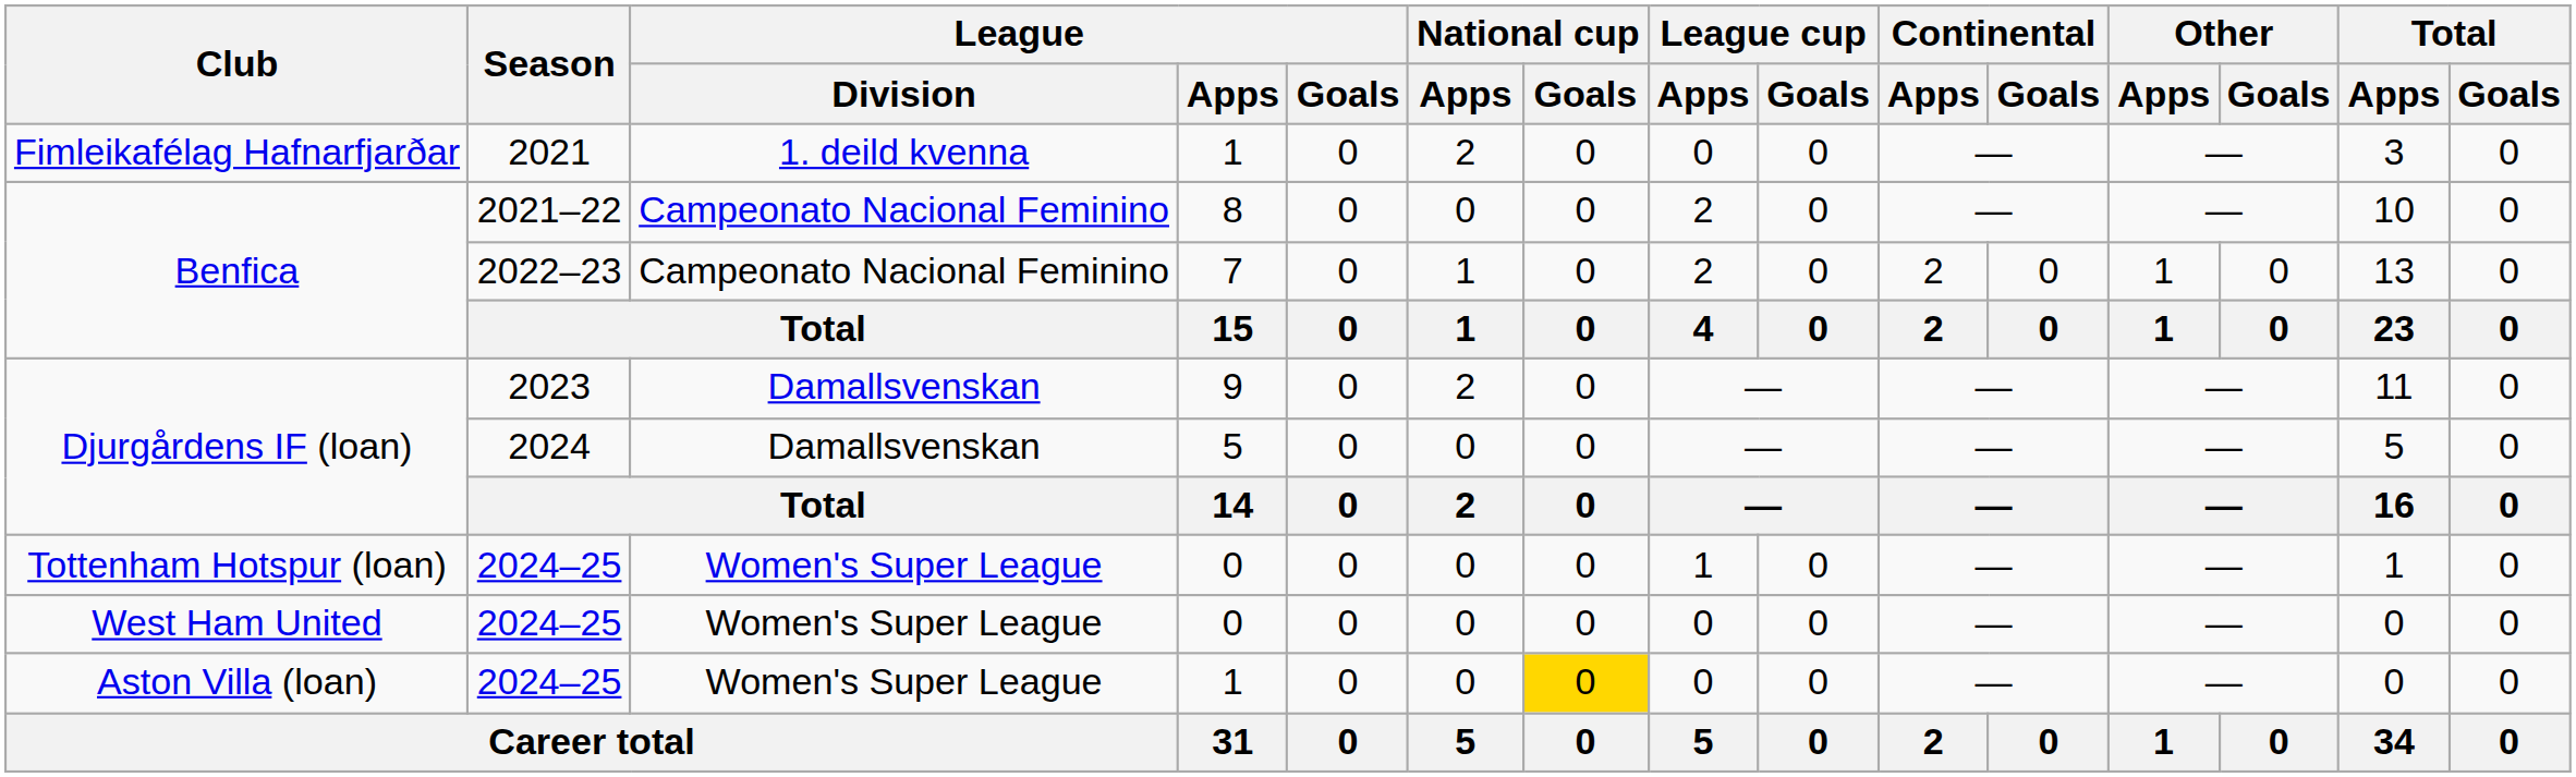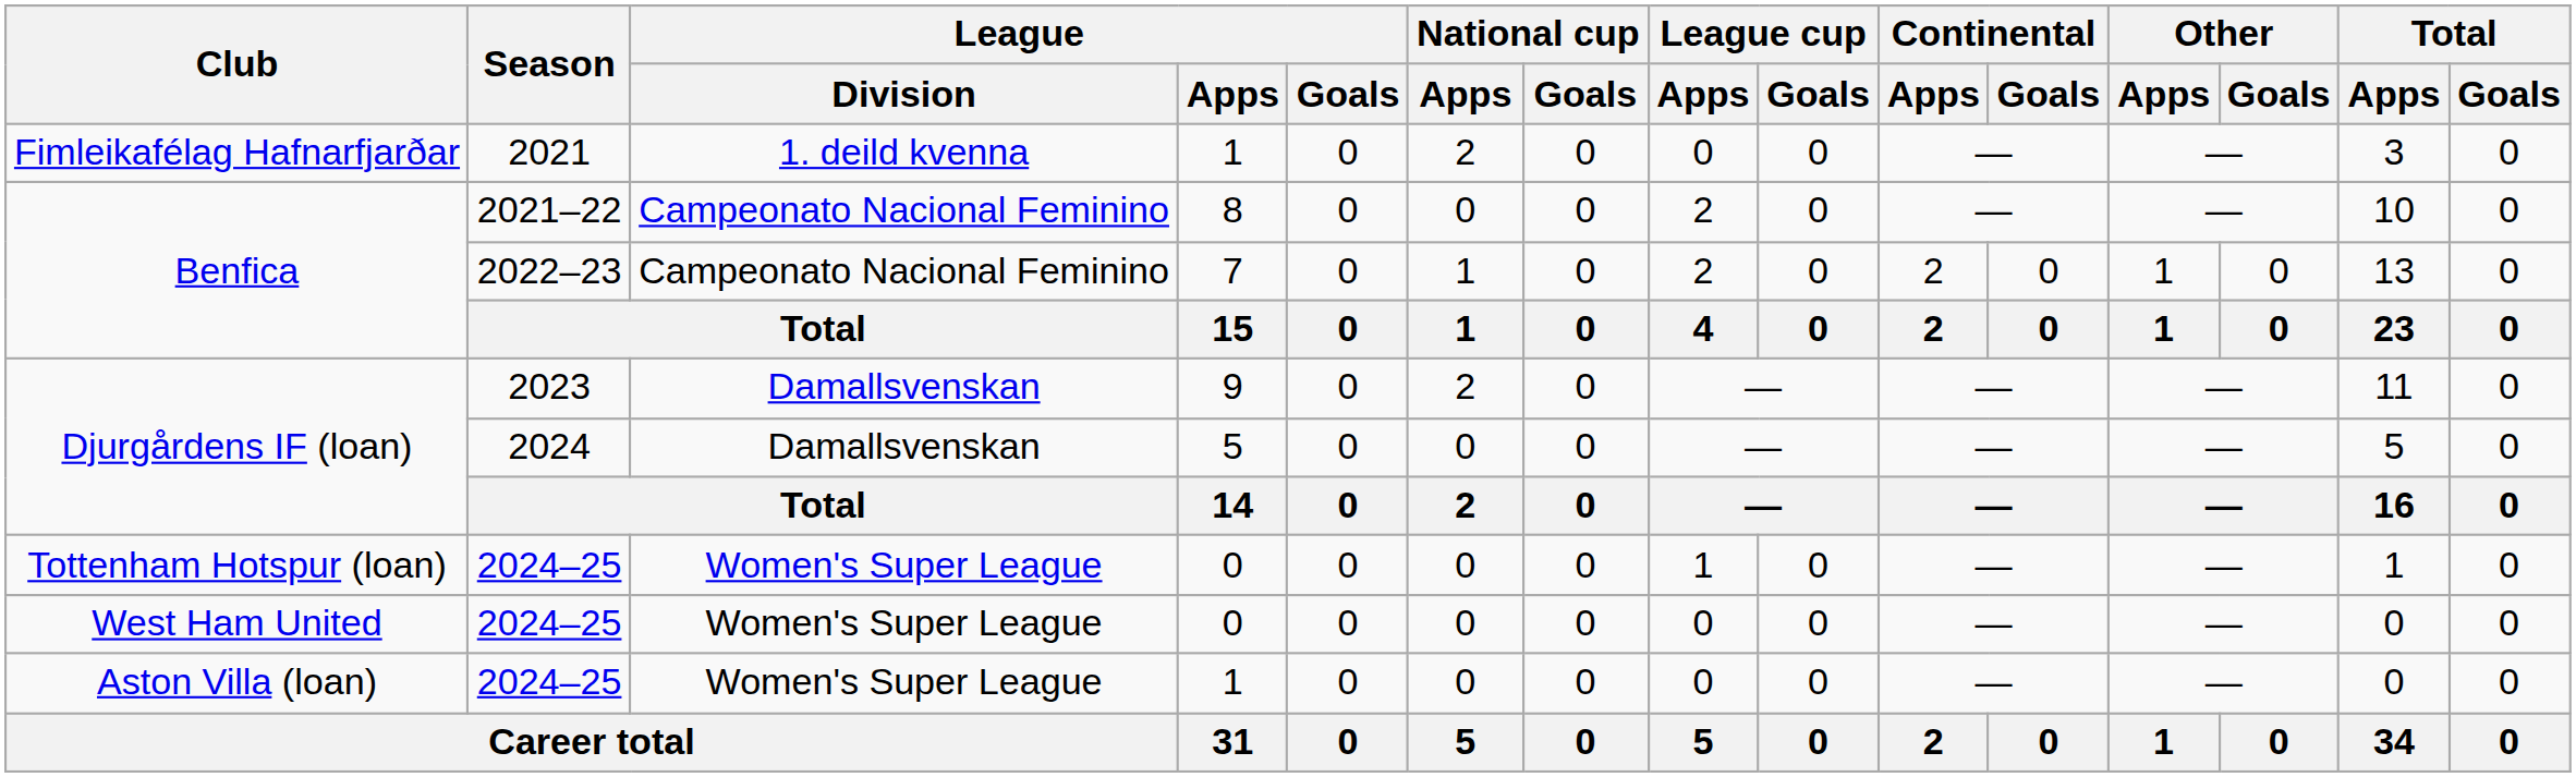 <table class="wikitable" style="text-align:center">
 <tr>
 <th rowspan="2">Club</th>
 <th rowspan="2">Season</th>
 <th colspan="3">League</th>
 <th colspan="2">National cup</th>
 <th colspan="2">League cup</th>
 <th colspan="2">Continental</th>
 <th colspan="2">Other</th>
 <th colspan="2">Total</th>
 </tr>
 <tr>
 <th>Division</th>
 <th>Apps</th>
 <th>Goals</th>
 <th>Apps</th>
 <th>Goals</th>
 <th>Apps</th>
 <th>Goals</th>
 <th>Apps</th>
 <th>Goals</th>
 <th>Apps</th>
 <th>Goals</th>
 <th>Apps</th>
 <th>Goals</th>
 </tr>
 <tr>
 <td><a href='#'>Fimleikafélag Hafnarfjarðar</a></td>
 <td>2021</td>
 <td><a href='#'>1. deild kvenna</a></td>
 <td>1</td>
 <td>0</td>
 <td>2</td>
 <td>0</td>
 <td>0</td>
 <td>0</td>
 <td colspan="2">—</td>
 <td colspan="2">—</td>
 <td>3</td>
 <td>0</td>
 </tr>
 <tr>
 <td rowspan="3"><a href='#'>Benfica</a></td>
 <td>2021–22</td>
 <td><a href='#'>Campeonato Nacional Feminino</a></td>
 <td>8</td>
 <td>0</td>
 <td>0</td>
 <td>0</td>
 <td>2</td>
 <td>0</td>
 <td colspan="2">—</td>
 <td colspan="2">—</td>
 <td>10</td>
 <td>0</td>
 </tr>
 <tr>
 <td>2022–23</td>
 <td>Campeonato Nacional Feminino</td>
 <td>7</td>
 <td>0</td>
 <td>1</td>
 <td>0</td>
 <td>2</td>
 <td>0</td>
 <td>2</td>
 <td>0</td>
 <td>1</td>
 <td>0</td>
 <td>13</td>
 <td>0</td>
 </tr>
 <tr>
 <th colspan="2">Total</th>
 <th>15</th>
 <th>0</th>
 <th>1</th>
 <th>0</th>
 <th>4</th>
 <th>0</th>
 <th>2</th>
 <th>0</th>
 <th>1</th>
 <th>0</th>
 <th>23</th>
 <th>0</th>
 </tr>
 <tr>
 <td rowspan="3"><a href='#'>Djurgårdens IF</a> (loan)</td>
 <td>2023</td>
 <td><a href='#'>Damallsvenskan</a></td>
 <td>9</td>
 <td>0</td>
 <td>2</td>
 <td>0</td>
 <td colspan="2">—</td>
 <td colspan="2">—</td>
 <td colspan="2">—</td>
 <td>11</td>
 <td>0</td>
 </tr>
 <tr>
 <td>2024</td>
 <td>Damallsvenskan</td>
 <td>5</td>
 <td>0</td>
 <td>0</td>
 <td>0</td>
 <td colspan="2">—</td>
 <td colspan="2">—</td>
 <td colspan="2">—</td>
 <td>5</td>
 <td>0</td>
 </tr>
 <tr>
 <th colspan="2">Total</th>
 <th>14</th>
 <th>0</th>
 <th>2</th>
 <th>0</th>
 <th colspan="2">—</th>
 <th colspan="2">—</th>
 <th colspan="2">—</th>
 <th>16</th>
 <th>0</th>
 </tr>
 <tr>
 <td><a href='#'>Tottenham Hotspur</a> (loan)</td>
 <td><a href='#'>2024–25</a></td>
 <td><a href='#'>Women's Super League</a></td>
 <td>0</td>
 <td>0</td>
 <td>0</td>
 <td>0</td>
 <td>1</td>
 <td>0</td>
 <td colspan="2">—</td>
 <td colspan="2">—</td>
 <td>1</td>
 <td>0</td>
 </tr>
 <tr>
 <td><a href='#'>West Ham United</a></td>
 <td><a href='#'>2024–25</a></td>
 <td>Women's Super League</td>
 <td>0</td>
 <td>0</td>
 <td>0</td>
 <td>0</td>
 <td>0</td>
 <td>0</td>
 <td colspan="2">—</td>
 <td colspan="2">—</td>
 <td>0</td>
 <td>0</td>
 </tr>
 <tr>
 <td><a href='#'>Aston Villa</a> (loan)</td>
 <td><a href='#'>2024–25</a></td>
 <td>Women's Super League</td>
 <td>1</td>
 <td>0</td>
 <td>0</td>
-<td style="background: gold;">0</td>
+<td>0</td>
 <td>0</td>
 <td>0</td>
 <td colspan="2">—</td>
 <td colspan="2">—</td>
 <td>0</td>
 <td>0</td>
 </tr>
 <tr>
 <th colspan="3">Career total</th>
 <th>31</th>
 <th>0</th>
 <th>5</th>
 <th>0</th>
 <th>5</th>
 <th>0</th>
 <th>2</th>
 <th>0</th>
 <th>1</th>
 <th>0</th>
 <th>34</th>
 <th>0</th>
 </tr>
 </table>
